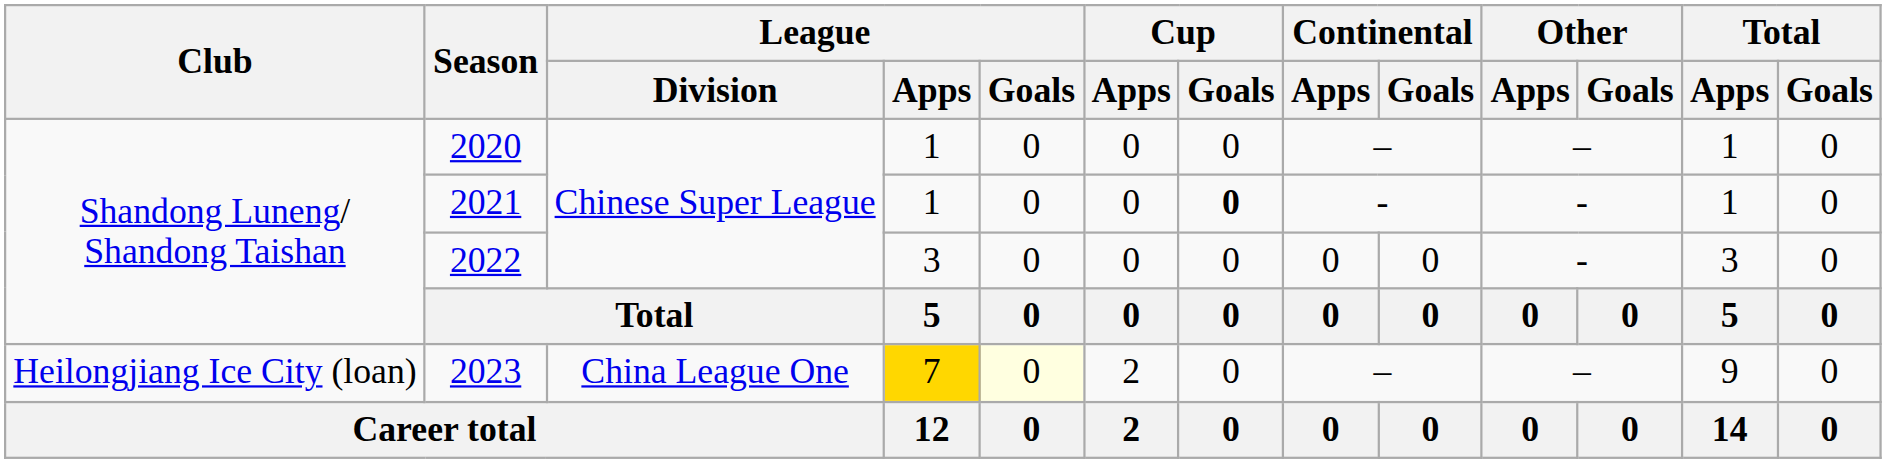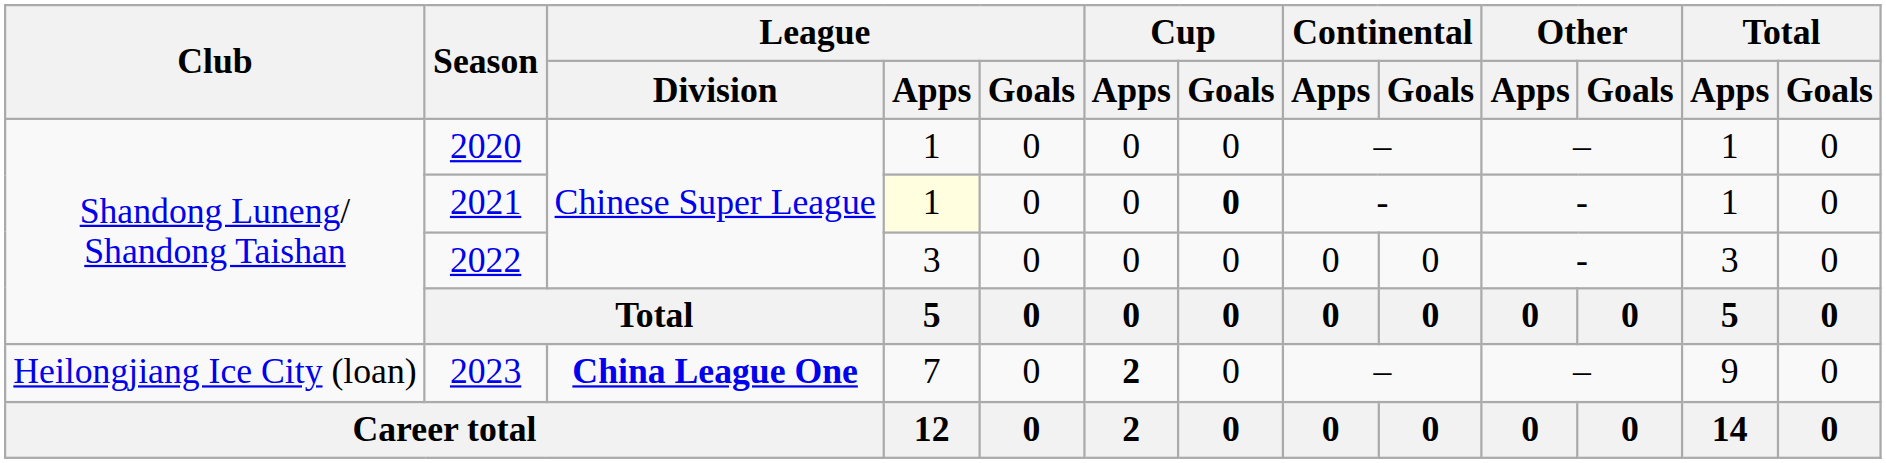 <table class="wikitable" style="text-align: center">
 <tr>
 <th rowspan="2">Club</th>
 <th rowspan="2">Season</th>
 <th colspan="3">League</th>
 <th colspan="2">Cup</th>
 <th colspan="2">Continental</th>
 <th colspan="2">Other</th>
 <th colspan="2">Total</th>
 </tr>
 <tr>
 <th>Division</th>
 <th>Apps</th>
 <th>Goals</th>
 <th>Apps</th>
 <th>Goals</th>
 <th>Apps</th>
 <th>Goals</th>
 <th>Apps</th>
 <th>Goals</th>
 <th>Apps</th>
 <th>Goals</th>
 </tr>
 <tr>
 <td rowspan=4><a href='#'>Shandong Luneng</a>/<br><a href='#'>Shandong Taishan</a></td>
 <td><a href='#'>2020</a></td>
 <td rowspan=3><a href='#'>Chinese Super League</a></td>
 <td>1</td>
 <td>0</td>
 <td>0</td>
 <td>0</td>
 <td colspan="2">–</td>
 <td colspan="2">–</td>
 <td>1</td>
 <td>0</td>
 </tr>
 <tr>
 <td><a href='#'>2021</a></td>
-<td>1</td>
+<td style="background: lightyellow;">1</td>
 <td>0</td>
 <td>0</td>
 <td><strong>0</strong></td>
 <td colspan="2">-</td>
 <td colspan="2">-</td>
 <td>1</td>
 <td>0</td>
 </tr>
 <tr>
 <td><a href='#'>2022</a></td>
 <td>3</td>
 <td>0</td>
 <td>0</td>
 <td>0</td>
 <td>0</td>
 <td>0</td>
 <td colspan="2">-</td>
 <td>3</td>
 <td>0</td>
 </tr>
 <tr>
 <th colspan=2>Total</th>
 <th>5</th>
 <th>0</th>
 <th>0</th>
 <th>0</th>
 <th>0</th>
 <th>0</th>
 <th>0</th>
 <th>0</th>
 <th>5</th>
 <th>0</th>
 </tr>
 <tr>
 <td><a href='#'>Heilongjiang Ice City</a> (loan)</td>
 <td><a href='#'>2023</a></td>
-<td><a href='#'>China League One</a></td>
-<td style="background: gold;">7</td>
-<td style="background: lightyellow;">0</td>
-<td>2</td>
+<td><strong><a href='#'>China League One</a></strong></td>
+<td>7</td>
+<td>0</td>
+<td><strong>2</strong></td>
 <td>0</td>
 <td colspan="2">–</td>
 <td colspan="2">–</td>
 <td>9</td>
 <td>0</td>
 </tr>
 <tr>
 <th colspan=3>Career total</th>
 <th>12</th>
 <th>0</th>
 <th>2</th>
 <th>0</th>
 <th>0</th>
 <th>0</th>
 <th>0</th>
 <th>0</th>
 <th>14</th>
 <th>0</th>
 </tr>
 </table>
